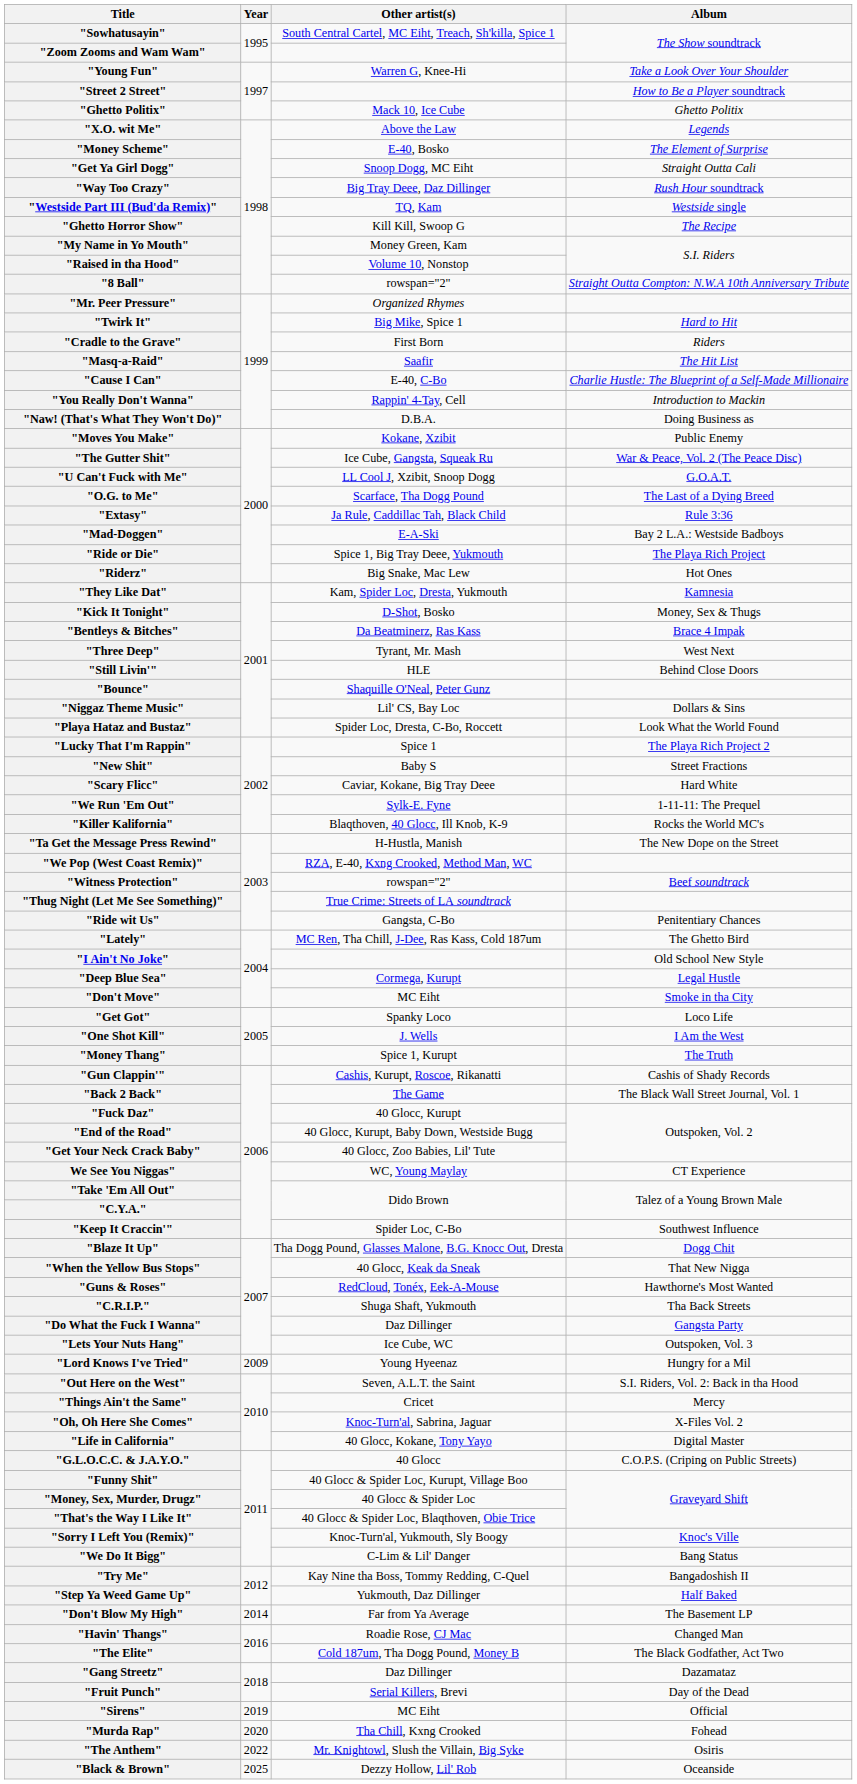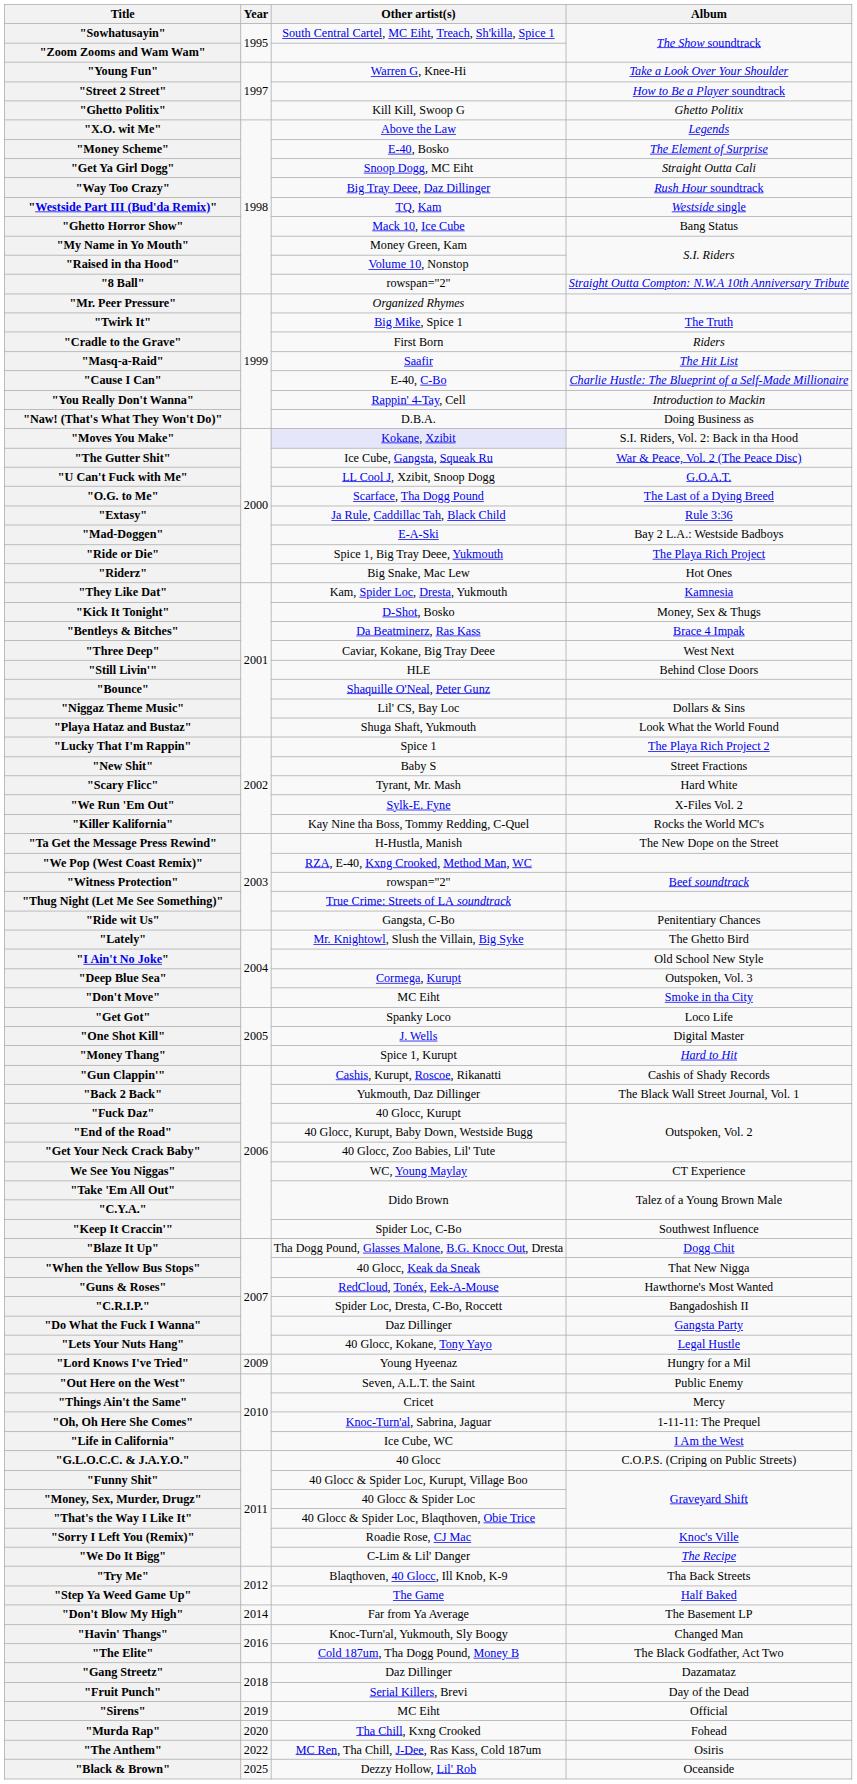 <table class="wikitable plainrowheaders" style="text-align:center;">
 <tr>
 <th scope="col" style="width:19em;">Title</th>
 <th scope="col">Year</th>
 <th scope="col">Other artist(s)</th>
 <th scope="col">Album</th>
 </tr>
 <tr>
 <th scope="row">"Sowhatusayin"</th>
 <td rowspan="2">1995</td>
 <td><a href='#'>South Central Cartel</a>, <a href='#'>MC Eiht</a>, <a href='#'>Treach</a>, <a href='#'>Sh'killa</a>, <a href='#'>Spice 1</a></td>
 <td rowspan="2"><a href='#'><em>The Show</em> soundtrack</a></td>
 </tr>
 <tr>
 <th scope="row">"Zoom Zooms and Wam Wam"</th>
 <td></td>
 </tr>
 <tr>
 <th scope="row">"Young Fun"</th>
 <td rowspan="3">1997</td>
 <td><a href='#'>Warren G</a>, Knee-Hi</td>
 <td><em><a href='#'>Take a Look Over Your Shoulder</a></em></td>
 </tr>
 <tr>
 <th scope="row">"Street 2 Street"</th>
 <td></td>
 <td><a href='#'><em>How to Be a Player</em> soundtrack</a></td>
 </tr>
 <tr>
 <th scope="row">"Ghetto Politix"</th>
-<td><a href='#'>Mack 10</a>, <a href='#'>Ice Cube</a></td>
+<td>Kill Kill, Swoop G</td>
 <td><em>Ghetto Politix</em></td>
 </tr>
 <tr>
 <th scope="row">"X.O. wit Me"</th>
 <td rowspan="9">1998</td>
 <td><a href='#'>Above the Law</a></td>
 <td><em><a href='#'>Legends</a></em></td>
 </tr>
 <tr>
 <th scope="row">"Money Scheme"</th>
 <td><a href='#'>E-40</a>, Bosko</td>
 <td><em><a href='#'>The Element of Surprise</a></em></td>
 </tr>
 <tr>
 <th scope="row">"Get Ya Girl Dogg"</th>
 <td><a href='#'>Snoop Dogg</a>, MC Eiht</td>
 <td><em>Straight Outta Cali</em></td>
 </tr>
 <tr>
 <th scope="row">"Way Too Crazy"</th>
 <td><a href='#'>Big Tray Deee</a>, <a href='#'>Daz Dillinger</a></td>
 <td><a href='#'><em>Rush Hour</em> soundtrack</a></td>
 </tr>
 <tr>
 <th scope="row">"<a href='#'>Westside Part III (Bud'da Remix)</a>"</th>
 <td><a href='#'>TQ</a>, <a href='#'>Kam</a></td>
 <td><a href='#'><em>Westside</em> single</a></td>
 </tr>
 <tr>
 <th scope="row">"Ghetto Horror Show"</th>
-<td>Kill Kill, Swoop G</td>
-<td><em><a href='#'>The Recipe</a></em></td>
+<td><a href='#'>Mack 10</a>, <a href='#'>Ice Cube</a></td>
+<td></em>Bang Status<em></td>
 </tr>
 <tr>
 <th scope="row">"My Name in Yo Mouth"</th>
 <td>Money Green, Kam</td>
 <td rowspan="2"><em>S.I. Riders</em></td>
 </tr>
 <tr>
 <th scope="row">"Raised in tha Hood"</th>
 <td><a href='#'>Volume 10</a>, Nonstop</td>
 </tr>
 <tr>
 <th scope="row">"8 Ball"</th>
 <td>rowspan="2" </td>
 <td><em><a href='#'>Straight Outta Compton: N.W.A 10th Anniversary Tribute</a></em></td>
 </tr>
 <tr>
 <th scope="row">"Mr. Peer Pressure"</th>
 <td rowspan="7">1999</td>
 <td><em>Organized Rhymes</em></td>
 </tr>
 <tr>
 <th scope="row">"Twirk It"</th>
 <td><a href='#'>Big Mike</a>, Spice 1</td>
-<td><em><a href='#'>Hard to Hit</a></em></td>
+<td></em><a href='#'>The Truth</a><em></td>
 </tr>
 <tr>
 <th scope="row">"Cradle to the Grave"</th>
 <td>First Born</td>
 <td><em>Riders</em></td>
 </tr>
 <tr>
 <th scope="row">"Masq-a-Raid"</th>
 <td><a href='#'>Saafir</a></td>
 <td><em><a href='#'>The Hit List</a></em></td>
 </tr>
 <tr>
 <th scope="row">"Cause I Can"</th>
 <td>E-40, <a href='#'>C-Bo</a></td>
 <td><em><a href='#'>Charlie Hustle: The Blueprint of a Self-Made Millionaire</a></em></td>
 </tr>
 <tr>
 <th scope="row">"You Really Don't Wanna"</th>
 <td><a href='#'>Rappin' 4-Tay</a>, Cell</td>
 <td><em>Introduction to Mackin<strong></td>
 </tr>
 <tr>
 <th scope="row">"Naw! (That's What They Won't Do)"</th>
 <td>D.B.A.</td>
 <td></em>Doing Business as<em></td>
 </tr>
 <tr>
 <th scope="row">"Moves You Make"</th>
 <td rowspan="8">2000</td>
-<td><a href='#'>Kokane</a>, <a href='#'>Xzibit</a></td>
-<td></em>Public Enemy<em></td>
+<td style="background: lavender;"><a href='#'>Kokane</a>, <a href='#'>Xzibit</a></td>
+<td></em>S.I. Riders, Vol. 2: Back in tha Hood<em></td>
 </tr>
 <tr>
 <th scope="row">"The Gutter Shit"</th>
 <td>Ice Cube, <a href='#'>Gangsta</a>, <a href='#'>Squeak Ru</a></td>
 <td></em><a href='#'>War & Peace, Vol. 2 (The Peace Disc)</a><em></td>
 </tr>
 <tr>
 <th scope="row">"U Can't Fuck with Me"</th>
 <td><a href='#'>LL Cool J</a>, Xzibit, Snoop Dogg</td>
 <td></em><a href='#'>G.O.A.T.</a><em></td>
 </tr>
 <tr>
 <th scope="row">"O.G. to Me"</th>
 <td><a href='#'>Scarface</a>, <a href='#'>Tha Dogg Pound</a></td>
 <td></em><a href='#'>The Last of a Dying Breed</a><em></td>
 </tr>
 <tr>
 <th scope="row">"Extasy"</th>
 <td><a href='#'>Ja Rule</a>, <a href='#'>Caddillac Tah</a>, <a href='#'>Black Child</a></td>
 <td></em><a href='#'>Rule 3:36</a><em></td>
 </tr>
 <tr>
 <th scope="row">"Mad-Doggen"</th>
 <td><a href='#'>E-A-Ski</a></td>
 <td></em>Bay 2 L.A.: Westside Badboys<em></td>
 </tr>
 <tr>
 <th scope="row">"Ride or Die"</th>
 <td>Spice 1, Big Tray Deee, <a href='#'>Yukmouth</a></td>
 <td></em><a href='#'>The Playa Rich Project</a><em></td>
 </tr>
 <tr>
 <th scope="row">"Riderz"</th>
 <td>Big Snake, Mac Lew</td>
 <td></em>Hot Ones<em></td>
 </tr>
 <tr>
 <th scope="row">"They Like Dat"</th>
 <td rowspan="8">2001</td>
 <td>Kam, <a href='#'>Spider Loc</a>, <a href='#'>Dresta</a>, Yukmouth</td>
 <td></em><a href='#'>Kamnesia</a><em></td>
 </tr>
 <tr>
 <th scope="row">"Kick It Tonight"</th>
 <td><a href='#'>D-Shot</a>, Bosko</td>
 <td></em>Money, Sex & Thugs<em></td>
 </tr>
 <tr>
 <th scope="row">"Bentleys & Bitches"</th>
 <td><a href='#'>Da Beatminerz</a>, <a href='#'>Ras Kass</a></td>
 <td></em><a href='#'>Brace 4 Impak</a><em></td>
 </tr>
 <tr>
 <th scope="row">"Three Deep"</th>
-<td>Tyrant, Mr. Mash</td>
+<td>Caviar, Kokane, Big Tray Deee</td>
 <td></em>West Next<em></td>
 </tr>
 <tr>
 <th scope="row">"Still Livin'"</th>
 <td>HLE</td>
 <td></em>Behind Close Doors<em></td>
 </tr>
 <tr>
 <th scope="row">"Bounce"</th>
 <td><a href='#'>Shaquille O'Neal</a>, <a href='#'>Peter Gunz</a></td>
 <td></td>
 </tr>
 <tr>
 <th scope="row">"Niggaz Theme Music"</th>
 <td>Lil' CS, Bay Loc</td>
 <td></em>Dollars & Sins<em></td>
 </tr>
 <tr>
 <th scope="row">"Playa Hataz and Bustaz"</th>
-<td>Spider Loc, Dresta, C-Bo, Roccett</td>
+<td>Shuga Shaft, Yukmouth</td>
 <td></em>Look What the World Found<em></td>
 </tr>
 <tr>
 <th scope="row">"Lucky That I'm Rappin"</th>
 <td rowspan="5">2002</td>
 <td>Spice 1</td>
 <td></em><a href='#'>The Playa Rich Project 2</a><em></td>
 </tr>
 <tr>
 <th scope="row">"New Shit"</th>
 <td>Baby S</td>
 <td></em>Street Fractions<em></td>
 </tr>
 <tr>
 <th scope="row">"Scary Flicc"</th>
-<td>Caviar, Kokane, Big Tray Deee</td>
+<td>Tyrant, Mr. Mash</td>
 <td></em>Hard White<em></td>
 </tr>
 <tr>
 <th scope="row">"We Run 'Em Out"</th>
 <td><a href='#'>Sylk-E. Fyne</a></td>
-<td></em>1-11-11: The Prequel<em></td>
+<td></em>X-Files Vol. 2<em></td>
 </tr>
 <tr>
 <th scope="row">"Killer Kalifornia"</th>
-<td>Blaqthoven, <a href='#'>40 Glocc</a>, Ill Knob, K-9</td>
+<td>Kay Nine tha Boss, Tommy Redding, C-Quel</td>
 <td></em>Rocks the World MC's<em></td>
 </tr>
 <tr>
 <th scope="row">"Ta Get the Message Press Rewind"</th>
 <td rowspan="5">2003</td>
 <td>H-Hustla, Manish</td>
 <td></em>The New Dope on the Street<em></td>
 </tr>
 <tr>
 <th scope="row">"We Pop (West Coast Remix)"</th>
 <td><a href='#'>RZA</a>, E-40, <a href='#'>Kxng Crooked</a>, <a href='#'>Method Man</a>, <a href='#'>WC</a></td>
 <td></td>
 </tr>
 <tr>
 <th scope="row">"Witness Protection"</th>
 <td>rowspan="2" </td>
 <td><a href='#'></em>Beef<em> soundtrack</a></td>
 </tr>
 <tr>
 <th scope="row">"Thug Night (Let Me See Something)"</th>
 <td><a href='#'></em>True Crime: Streets of LA<em> soundtrack</a></td>
 </tr>
 <tr>
 <th scope="row">"Ride wit Us"</th>
 <td>Gangsta, C-Bo</td>
 <td></em>Penitentiary Chances<em></td>
 </tr>
 <tr>
 <th scope="row">"Lately"</th>
 <td rowspan="4">2004</td>
-<td><a href='#'>MC Ren</a>, Tha Chill, <a href='#'>J-Dee</a>, Ras Kass, Cold 187um</td>
+<td><a href='#'>Mr. Knightowl</a>, Slush the Villain, <a href='#'>Big Syke</a></td>
 <td></em>The Ghetto Bird<em></td>
 </tr>
 <tr>
 <th scope="row">"<a href='#'>I Ain't No Joke</a>"</th>
 <td></td>
 <td></em>Old School New Style<em></td>
 </tr>
 <tr>
 <th scope="row">"Deep Blue Sea"</th>
 <td><a href='#'>Cormega</a>, <a href='#'>Kurupt</a></td>
-<td></em><a href='#'>Legal Hustle</a><em></td>
+<td></em>Outspoken, Vol. 3<em></td>
 </tr>
 <tr>
 <th scope="row">"Don't Move"</th>
 <td>MC Eiht</td>
 <td></em><a href='#'>Smoke in tha City</a><em></td>
 </tr>
 <tr>
 <th scope="row">"Get Got"</th>
 <td rowspan="3">2005</td>
 <td>Spanky Loco</td>
 <td></em>Loco Life<em></td>
 </tr>
 <tr>
 <th scope="row">"One Shot Kill"</th>
 <td><a href='#'>J. Wells</a></td>
-<td></em><a href='#'>I Am the West</a><em></td>
+<td></em>Digital Master<em></td>
 </tr>
 <tr>
 <th scope="row">"Money Thang"</th>
 <td>Spice 1, Kurupt</td>
-<td></em><a href='#'>The Truth</a><em></td>
+<td><em><a href='#'>Hard to Hit</a></em></td>
 </tr>
 <tr>
 <th scope="row">"Gun Clappin'"</th>
 <td rowspan="9">2006</td>
 <td><a href='#'>Cashis</a>, Kurupt, <a href='#'>Roscoe</a>, Rikanatti</td>
 <td></em>Cashis of Shady Records<em></td>
 </tr>
 <tr>
 <th scope="row">"Back 2 Back"</th>
-<td><a href='#'>The Game</a></td>
+<td>Yukmouth, Daz Dillinger</td>
 <td></em>The Black Wall Street Journal, Vol. 1<em></td>
 </tr>
 <tr>
 <th scope="row">"Fuck Daz"</th>
 <td>40 Glocc, Kurupt</td>
 <td rowspan="3"></em>Outspoken, Vol. 2<em></td>
 </tr>
 <tr>
 <th scope="row">"End of the Road"</th>
 <td>40 Glocc, Kurupt, Baby Down, Westside Bugg</td>
 </tr>
 <tr>
 <th scope="row">"Get Your Neck Crack Baby"</th>
 <td>40 Glocc, Zoo Babies, Lil' Tute</td>
 </tr>
 <tr>
 <th scope="row">We See You Niggas"</th>
 <td>WC, <a href='#'>Young Maylay</a></td>
 <td></em>CT Experience<em></td>
 </tr>
 <tr>
 <th scope="row">"Take 'Em All Out"</th>
 <td rowspan="2">Dido Brown</td>
 <td rowspan="2"></em>Talez of a Young Brown Male<em></td>
 </tr>
 <tr>
 <th scope="row">"C.Y.A."</th>
 </tr>
 <tr>
 <th scope="row">"Keep It Craccin'"</th>
 <td>Spider Loc, C-Bo</td>
 <td></em>Southwest Influence<em></td>
 </tr>
 <tr>
 <th scope="row">"Blaze It Up"</th>
 <td rowspan="6">2007</td>
 <td>Tha Dogg Pound, <a href='#'>Glasses Malone</a>, <a href='#'>B.G. Knocc Out</a>, Dresta</td>
 <td></em><a href='#'>Dogg Chit</a><em></td>
 </tr>
 <tr>
 <th scope="row">"When the Yellow Bus Stops"</th>
 <td>40 Glocc, <a href='#'>Keak da Sneak</a></td>
 <td></em>That New Nigga<em></td>
 </tr>
 <tr>
 <th scope="row">"Guns & Roses"</th>
 <td><a href='#'>RedCloud</a>, <a href='#'>Tonéx</a>, <a href='#'>Eek-A-Mouse</a></td>
 <td></em>Hawthorne's Most Wanted<em></td>
 </tr>
 <tr>
 <th scope="row">"C.R.I.P."</th>
-<td>Shuga Shaft, Yukmouth</td>
-<td></em>Tha Back Streets<em></td>
+<td>Spider Loc, Dresta, C-Bo, Roccett</td>
+<td></em>Bangadoshish II<em></td>
 </tr>
 <tr>
 <th scope="row">"Do What the Fuck I Wanna"</th>
 <td>Daz Dillinger</td>
 <td></em><a href='#'>Gangsta Party</a><em></td>
 </tr>
 <tr>
 <th scope="row">"Lets Your Nuts Hang"</th>
-<td>Ice Cube, WC</td>
-<td></em>Outspoken, Vol. 3<em></td>
+<td>40 Glocc, Kokane, <a href='#'>Tony Yayo</a></td>
+<td></em><a href='#'>Legal Hustle</a><em></td>
 </tr>
 <tr>
 <th scope="row">"Lord Knows I've Tried"</th>
 <td rowspan="1">2009</td>
 <td>Young Hyeenaz</td>
 <td></em>Hungry for a Mil<em></td>
 </tr>
 <tr>
 <th scope="row">"Out Here on the West"</th>
 <td rowspan="4">2010</td>
 <td>Seven, A.L.T. the Saint</td>
-<td></em>S.I. Riders, Vol. 2: Back in tha Hood<em></td>
+<td></em>Public Enemy<em></td>
 </tr>
 <tr>
 <th scope="row">"Things Ain't the Same"</th>
 <td>Cricet</td>
 <td></em>Mercy<em></td>
 </tr>
 <tr>
 <th scope="row">"Oh, Oh Here She Comes"</th>
 <td><a href='#'>Knoc-Turn'al</a>, Sabrina, Jaguar</td>
-<td></em>X-Files Vol. 2<em></td>
+<td></em>1-11-11: The Prequel<em></td>
 </tr>
 <tr>
 <th scope="row">"Life in California"</th>
-<td>40 Glocc, Kokane, <a href='#'>Tony Yayo</a></td>
-<td></em>Digital Master<em></td>
+<td>Ice Cube, WC</td>
+<td></em><a href='#'>I Am the West</a><em></td>
 </tr>
 <tr>
 <th scope="row">"G.L.O.C.C. & J.A.Y.O."</th>
 <td rowspan="6">2011</td>
 <td>40 Glocc</td>
 <td></em>C.O.P.S. (Criping on Public Streets)<em></td>
 </tr>
 <tr>
 <th scope="row">"Funny Shit"</th>
 <td>40 Glocc & Spider Loc, Kurupt, Village Boo</td>
 <td rowspan="3"></em><a href='#'>Graveyard Shift</a><em></td>
 </tr>
 <tr>
 <th scope="row">"Money, Sex, Murder, Drugz"</th>
 <td>40 Glocc & Spider Loc</td>
 </tr>
 <tr>
 <th scope="row">"That's the Way I Like It"</th>
 <td>40 Glocc & Spider Loc, Blaqthoven, <a href='#'>Obie Trice</a></td>
 </tr>
 <tr>
 <th scope="row">"Sorry I Left You (Remix)"</th>
-<td>Knoc-Turn'al, Yukmouth, Sly Boogy</td>
+<td>Roadie Rose, <a href='#'>CJ Mac</a></td>
 <td></em><a href='#'>Knoc's Ville</a><em></td>
 </tr>
 <tr>
 <th scope="row">"We Do It Bigg"</th>
 <td>C-Lim & Lil' Danger</td>
-<td></em>Bang Status<em></td>
+<td><em><a href='#'>The Recipe</a></em></td>
 </tr>
 <tr>
 <th scope="row">"Try Me"</th>
 <td rowspan="2">2012</td>
-<td>Kay Nine tha Boss, Tommy Redding, C-Quel</td>
-<td></em>Bangadoshish II<em></td>
+<td>Blaqthoven, <a href='#'>40 Glocc</a>, Ill Knob, K-9</td>
+<td></em>Tha Back Streets<em></td>
 </tr>
 <tr>
 <th scope="row">"Step Ya Weed Game Up"</th>
-<td>Yukmouth, Daz Dillinger</td>
+<td><a href='#'>The Game</a></td>
 <td></em><a href='#'>Half Baked</a><em></td>
 </tr>
 <tr>
 <th scope="row">"Don't Blow My High"</th>
 <td>2014</td>
 <td>Far from Ya Average</td>
 <td></em>The Basement LP<em></td>
 </tr>
 <tr>
 <th scope="row">"Havin' Thangs"</th>
 <td rowspan="2">2016</td>
-<td>Roadie Rose, <a href='#'>CJ Mac</a></td>
+<td>Knoc-Turn'al, Yukmouth, Sly Boogy</td>
 <td></em>Changed Man<em></td>
 </tr>
 <tr>
 <th scope="row">"The Elite"</th>
 <td><a href='#'>Cold 187um</a>, Tha Dogg Pound, <a href='#'>Money B</a></td>
 <td></em>The Black Godfather, Act Two<em></td>
 </tr>
 <tr>
 <th scope="row">"Gang Streetz"</th>
 <td rowspan="2">2018</td>
 <td>Daz Dillinger</td>
 <td></em>Dazamataz<em></td>
 </tr>
 <tr>
 <th scope="row">"Fruit Punch"</th>
 <td><a href='#'>Serial Killers</a>, Brevi</td>
 <td></em>Day of the Dead<em></td>
 </tr>
 <tr>
 <th scope="row">"Sirens"</th>
 <td>2019</td>
 <td>MC Eiht</td>
 <td></em>Official<em></td>
 </tr>
 <tr>
 <th scope="row">"Murda Rap"</th>
 <td>2020</td>
 <td><a href='#'>Tha Chill</a>, Kxng Crooked</td>
 <td></em>Fohead<em></td>
 </tr>
 <tr>
 <th scope="row">"The Anthem"</th>
 <td>2022</td>
-<td><a href='#'>Mr. Knightowl</a>, Slush the Villain, <a href='#'>Big Syke</a></td>
+<td><a href='#'>MC Ren</a>, Tha Chill, <a href='#'>J-Dee</a>, Ras Kass, Cold 187um</td>
 <td></em>Osiris<em></td>
 </tr>
 <tr>
 <th scope="row">"Black & Brown"</th>
 <td>2025</td>
 <td>Dezzy Hollow, <a href='#'>Lil' Rob</a></td>
 <td></em>Oceanside<em></td>
 </tr>
 </table>
